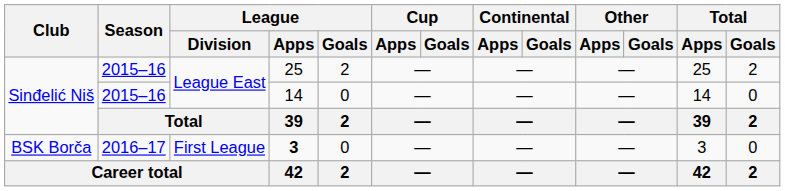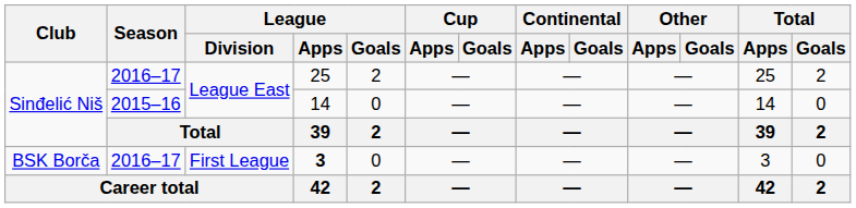 <table class="wikitable" style="text-align: center;font-size:90%">
 <tr>
 <th rowspan="2">Club</th>
 <th rowspan="2">Season</th>
 <th colspan="3">League</th>
 <th colspan="2">Cup</th>
 <th colspan="2">Continental</th>
 <th colspan="2">Other</th>
 <th colspan="2">Total</th>
 </tr>
 <tr>
 <th>Division</th>
 <th>Apps</th>
 <th>Goals</th>
 <th>Apps</th>
 <th>Goals</th>
 <th>Apps</th>
 <th>Goals</th>
 <th>Apps</th>
 <th>Goals</th>
 <th>Apps</th>
 <th>Goals</th>
 </tr>
 <tr>
 <td rowspan="3" valign="center"><a href='#'>Sinđelić Niš</a></td>
-<td><a href='#'>2015–16</a></td>
+<td><a href='#'>2016–17</a></td>
 <td rowspan=2><a href='#'>League East</a></td>
 <td>25</td>
 <td>2</td>
 <td colspan="2">—</td>
 <td colspan="2">—</td>
 <td colspan="2">—</td>
 <td>25</td>
 <td>2</td>
 </tr>
 <tr>
 <td><a href='#'>2015–16</a></td>
 <td>14</td>
 <td>0</td>
 <td colspan="2">—</td>
 <td colspan="2">—</td>
 <td colspan="2">—</td>
 <td>14</td>
 <td>0</td>
 </tr>
 <tr>
 <th colspan="2">Total</th>
 <th>39</th>
 <th>2</th>
 <th colspan="2">—</th>
 <th colspan="2">—</th>
 <th colspan="2">—</th>
 <th>39</th>
 <th>2</th>
 </tr>
 <tr>
 <td><a href='#'>BSK Borča</a></td>
 <td><a href='#'>2016–17</a></td>
 <td><a href='#'>First League</a></td>
 <td><strong>3</strong></td>
 <td>0</td>
 <td colspan="2">—</td>
 <td colspan="2">—</td>
 <td colspan="2">—</td>
 <td>3</td>
 <td>0</td>
 </tr>
 <tr>
 <th colspan="3">Career total</th>
 <th>42</th>
 <th>2</th>
 <th colspan="2">—</th>
 <th colspan="2">—</th>
 <th colspan="2">—</th>
 <th>42</th>
 <th>2</th>
 </tr>
 </table>
